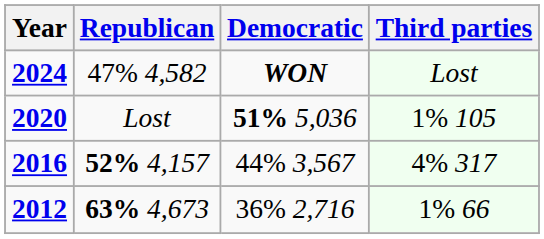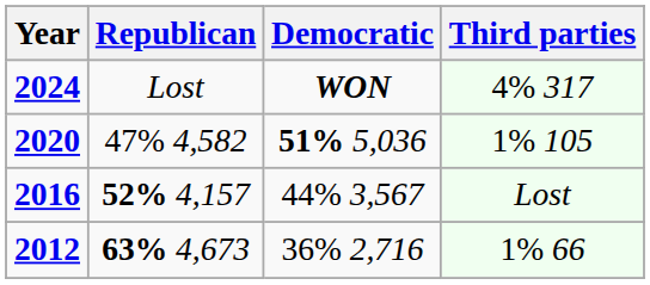 <table class="wikitable" style="float:right; font-size:95%;">
 <tr bgcolor=lightgrey>
 <th>Year</th>
 <th><a href='#'>Republican</a></th>
 <th><a href='#'>Democratic</a></th>
 <th><a href='#'>Third parties</a></th>
 </tr>
 <tr>
 <td style="text-align:center; "><strong><a href='#'>2024</a></strong></td>
-<td style="text-align:center; ">47% <em>4,582</em></td>
+<td style="text-align:center; "><em>Lost</em></td>
 <td style="text-align:center; "><strong><em>WON</em></strong></td>
-<td style="text-align:center; background:honeyDew;"><em>Lost</em></td>
+<td style="text-align:center; background:honeyDew;">4% <em>317</em></td>
 </tr>
 <tr>
 <td style="text-align:center; "><strong><a href='#'>2020</a></strong></td>
-<td style="text-align:center; "><em>Lost</em></td>
+<td style="text-align:center; ">47% <em>4,582</em></td>
 <td style="text-align:center; "><strong>51%</strong> <em>5,036</em></td>
 <td style="text-align:center; background:honeyDew;">1% <em>105</em></td>
 </tr>
 <tr>
 <td style="text-align:center; "><strong><a href='#'>2016</a></strong></td>
 <td style="text-align:center; "><strong>52%</strong> <em>4,157</em></td>
 <td style="text-align:center; ">44% <em>3,567</em></td>
-<td style="text-align:center; background:honeyDew;">4% <em>317</em></td>
+<td style="text-align:center; background:honeyDew;"><em>Lost</em></td>
 </tr>
 <tr>
 <td style="text-align:center; "><strong><a href='#'>2012</a></strong></td>
 <td style="text-align:center; "><strong>63%</strong> <em>4,673</em></td>
 <td style="text-align:center; ">36% <em>2,716</em></td>
 <td style="text-align:center; background:honeyDew;">1% <em>66</em></td>
 </tr>
 </table>
